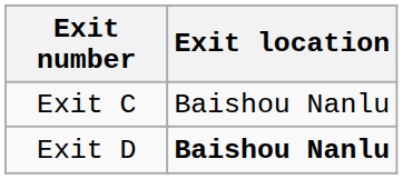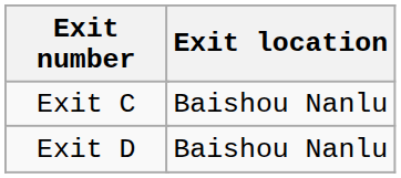 <table class="wikitable">
 <tr>
 <th style="width:70px" colspan="2">Exit number</th>
 <th>Exit location</th>
 </tr>
 <tr>
 <td align="center" colspan="2">Exit C</td>
 <td>Baishou Nanlu</td>
 </tr>
 <tr>
 <td align="center" colspan="2">Exit D</td>
-<td><strong>Baishou Nanlu</strong></td>
+<td>Baishou Nanlu</td>
 </tr>
 </table>
